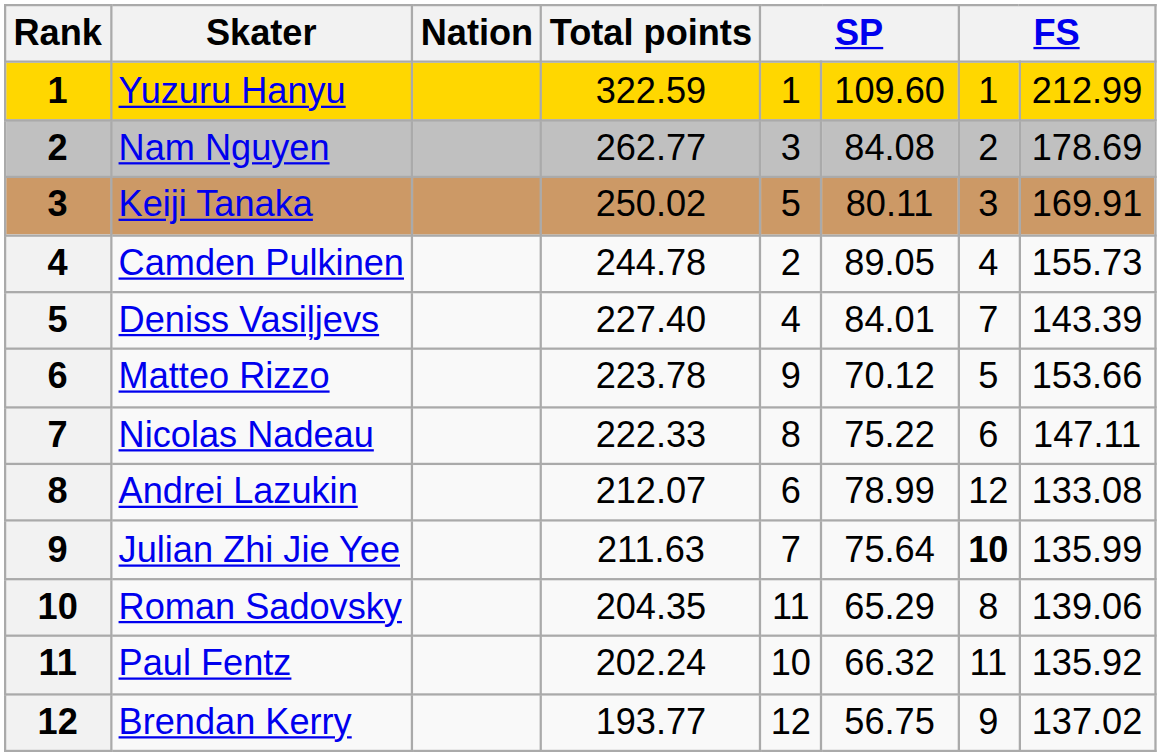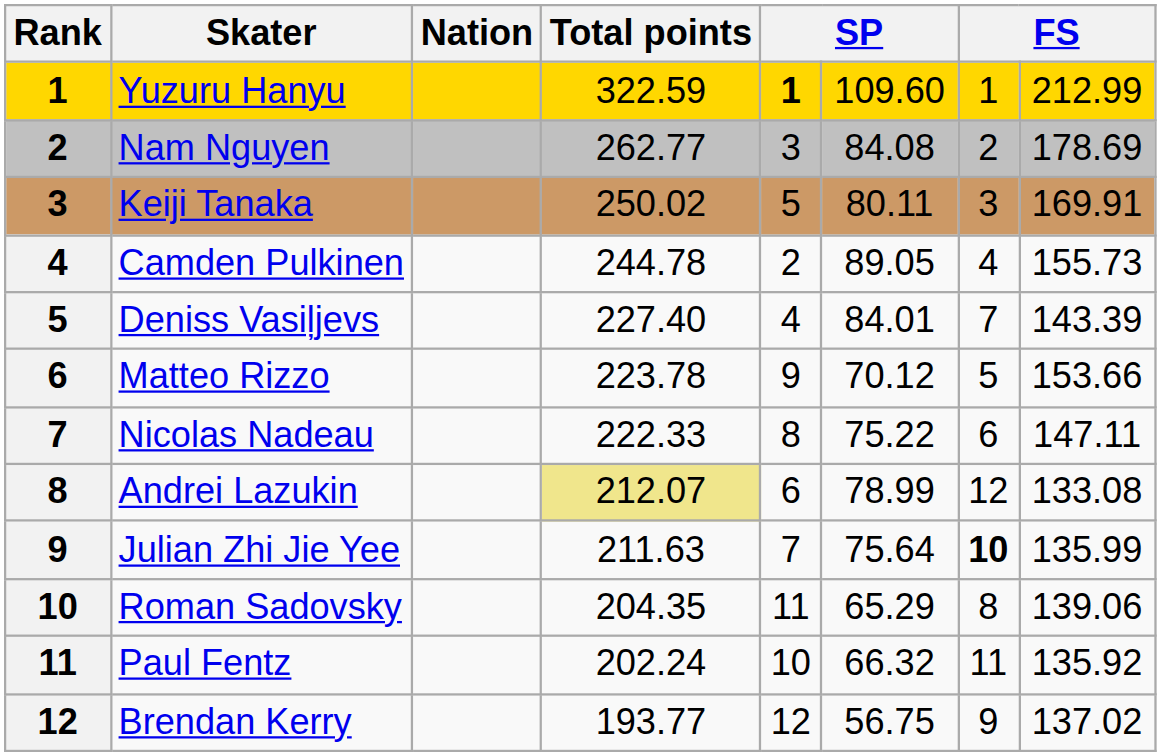 <table class="wikitable sortable">
 <tr>
 <th>Rank</th>
 <th>Skater</th>
 <th>Nation</th>
 <th>Total points</th>
 <th colspan="2" width="80px"><a href='#'>SP</a></th>
 <th colspan="2" width="80px"><a href='#'>FS</a></th>
 </tr>
 <tr bgcolor="gold">
 <td align="center"><strong>1</strong></td>
 <td><a href='#'>Yuzuru Hanyu</a></td>
 <td></td>
 <td align="center">322.59</td>
-<td align="center">1</td>
+<td align="center"><strong>1</strong></td>
 <td align="center">109.60</td>
 <td align="center">1</td>
 <td align="center">212.99</td>
 </tr>
 <tr bgcolor="silver">
 <td align="center"><strong>2</strong></td>
 <td><a href='#'>Nam Nguyen</a></td>
 <td></td>
 <td align="center">262.77</td>
 <td align="center">3</td>
 <td align="center">84.08</td>
 <td align="center">2</td>
 <td align="center">178.69</td>
 </tr>
 <tr bgcolor="cc9966">
 <td align="center"><strong>3</strong></td>
 <td><a href='#'>Keiji Tanaka</a></td>
 <td></td>
 <td align="center">250.02</td>
 <td align="center">5</td>
 <td align="center">80.11</td>
 <td align="center">3</td>
 <td align="center">169.91</td>
 </tr>
 <tr>
 <th>4</th>
 <td><a href='#'>Camden Pulkinen</a></td>
 <td></td>
 <td align="center">244.78</td>
 <td align="center">2</td>
 <td align="center">89.05</td>
 <td align="center">4</td>
 <td align="center">155.73</td>
 </tr>
 <tr>
 <th>5</th>
 <td><a href='#'>Deniss Vasiļjevs</a></td>
 <td></td>
 <td align="center">227.40</td>
 <td align="center">4</td>
 <td align="center">84.01</td>
 <td align="center">7</td>
 <td align="center">143.39</td>
 </tr>
 <tr>
 <th>6</th>
 <td><a href='#'>Matteo Rizzo</a></td>
 <td></td>
 <td align="center">223.78</td>
 <td align="center">9</td>
 <td align="center">70.12</td>
 <td align="center">5</td>
 <td align="center">153.66</td>
 </tr>
 <tr>
 <th>7</th>
 <td><a href='#'>Nicolas Nadeau</a></td>
 <td></td>
 <td align="center">222.33</td>
 <td align="center">8</td>
 <td align="center">75.22</td>
 <td align="center">6</td>
 <td align="center">147.11</td>
 </tr>
 <tr>
 <th>8</th>
 <td><a href='#'>Andrei Lazukin</a></td>
 <td></td>
-<td align="center">212.07</td>
+<td align="center" style="background: khaki;">212.07</td>
 <td align="center">6</td>
 <td align="center">78.99</td>
 <td align="center">12</td>
 <td align="center">133.08</td>
 </tr>
 <tr>
 <th>9</th>
 <td><a href='#'>Julian Zhi Jie Yee</a></td>
 <td></td>
 <td align="center">211.63</td>
 <td align="center">7</td>
 <td align="center">75.64</td>
 <td align="center"><strong>10</strong></td>
 <td align="center">135.99</td>
 </tr>
 <tr>
 <th>10</th>
 <td><a href='#'>Roman Sadovsky</a></td>
 <td></td>
 <td align="center">204.35</td>
 <td align="center">11</td>
 <td align="center">65.29</td>
 <td align="center">8</td>
 <td align="center">139.06</td>
 </tr>
 <tr>
 <th>11</th>
 <td><a href='#'>Paul Fentz</a></td>
 <td></td>
 <td align="center">202.24</td>
 <td align="center">10</td>
 <td align="center">66.32</td>
 <td align="center">11</td>
 <td align="center">135.92</td>
 </tr>
 <tr>
 <th>12</th>
 <td><a href='#'>Brendan Kerry</a></td>
 <td></td>
 <td align="center">193.77</td>
 <td align="center">12</td>
 <td align="center">56.75</td>
 <td align="center">9</td>
 <td align="center">137.02</td>
 </tr>
 </table>
